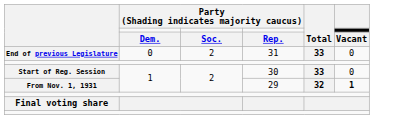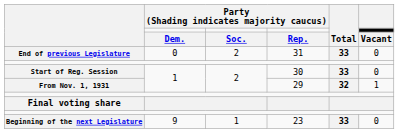 <table class=wikitable style="text-align:center">
 <tr style="vertical-align:bottom;">
 <th rowspan=3></th>
 <th colspan=3>Party <div>(Shading indicates majority caucus)</div></th>
 <th rowspan=3>Total</th>
 <th></th>
 </tr>
 <tr style="height:5px">
 <td style="background-color:"></td>
 <td style="background-color:"></td>
 <td style="background-color:"></td>
 <td style="background:black;"></td>
 </tr>
 <tr>
 <th><a href='#'>Dem.</a></th>
 <th><a href='#'>Soc.</a></th>
 <th><a href='#'>Rep.</a></th>
 <th>Vacant</th>
 </tr>
 <tr>
 <th style="font-size:80%;">End of <a href='#'>previous Legislature</a></th>
 <td>0</td>
 <td>2</td>
 <td>31</td>
 <th>33</th>
 <td>0</td>
 </tr>
 <tr>
 <td colspan=6></td>
 </tr>
 <tr>
 <th style="font-size:80%;">Start of Reg. Session</th>
 <td rowspan="2">1</td>
 <td rowspan="2">2</td>
 <td>30</td>
 <th>33</th>
 <td>0</td>
 </tr>
 <tr>
 <th style="font-size:80%;">From Nov. 1, 1931</th>
 <td>29</td>
 <th>32</th>
-<td><strong>1</strong></td>
+<td>1</td>
 </tr>
 <tr>
 <td colspan=6></td>
 </tr>
 <tr>
 <th>Final voting share</th>
 <th colspan=2></th>
 <th></th>
 <th colspan=2></th>
 </tr>
 <tr>
 <td colspan=6></td>
 </tr>
+<tr>
+<th style="font-size:80%;">Beginning of the <a href='#'>next Legislature</a></th>
+<td>9</td>
+<td>1</td>
+<td>23</td>
+<th>33</th>
+<td>0</td>
+</tr>
 </table>
